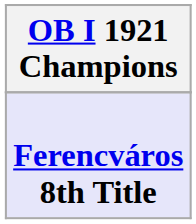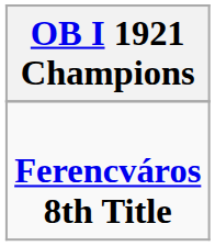 <table class="wikitable" style="text-align: center; margin: 0 auto;">
 <tr>
 <th><a href='#'>OB I</a> 1921<br>Champions</th>
 </tr>
 <tr>
 </tr>
 <tr>
-<td style="background: lavender;"> <br><strong><a href='#'>Ferencváros</a></strong><br><strong>8th Title</strong></td>
+<td> <br><strong><a href='#'>Ferencváros</a></strong><br><strong>8th Title</strong></td>
 </tr>
 </table>
